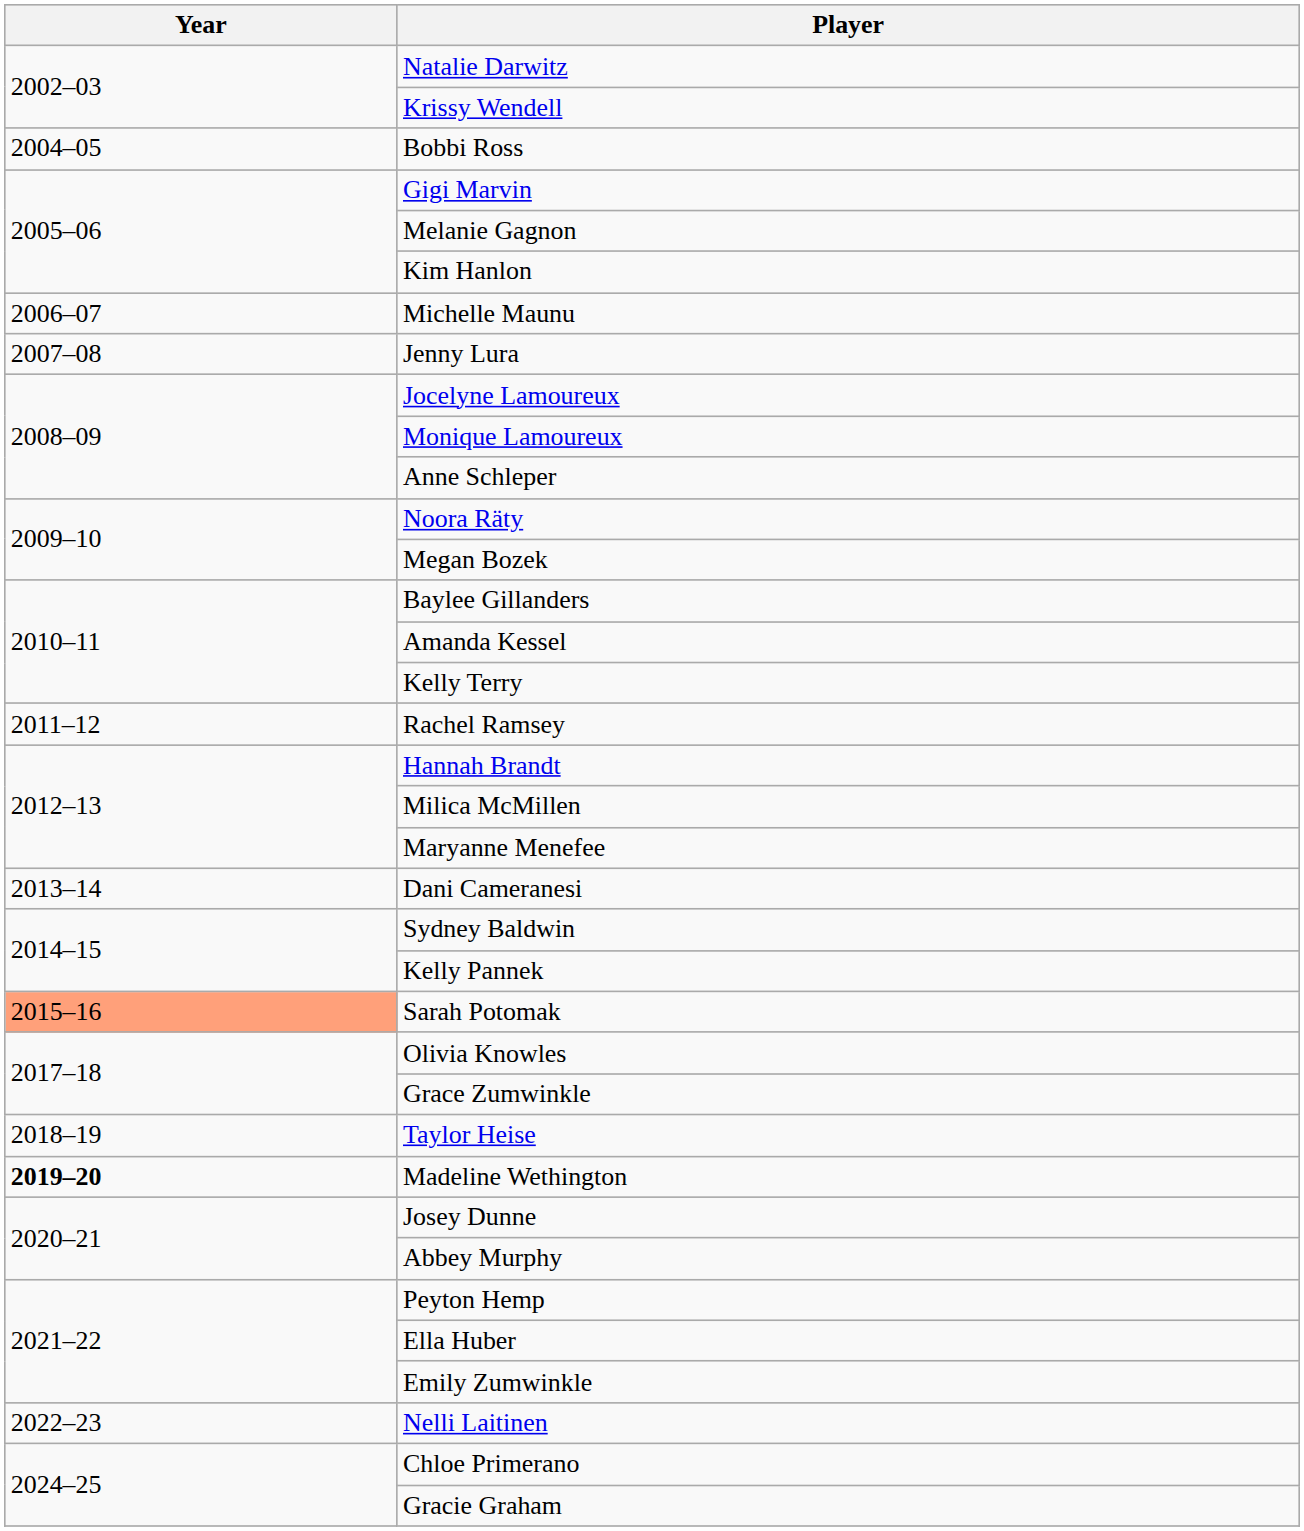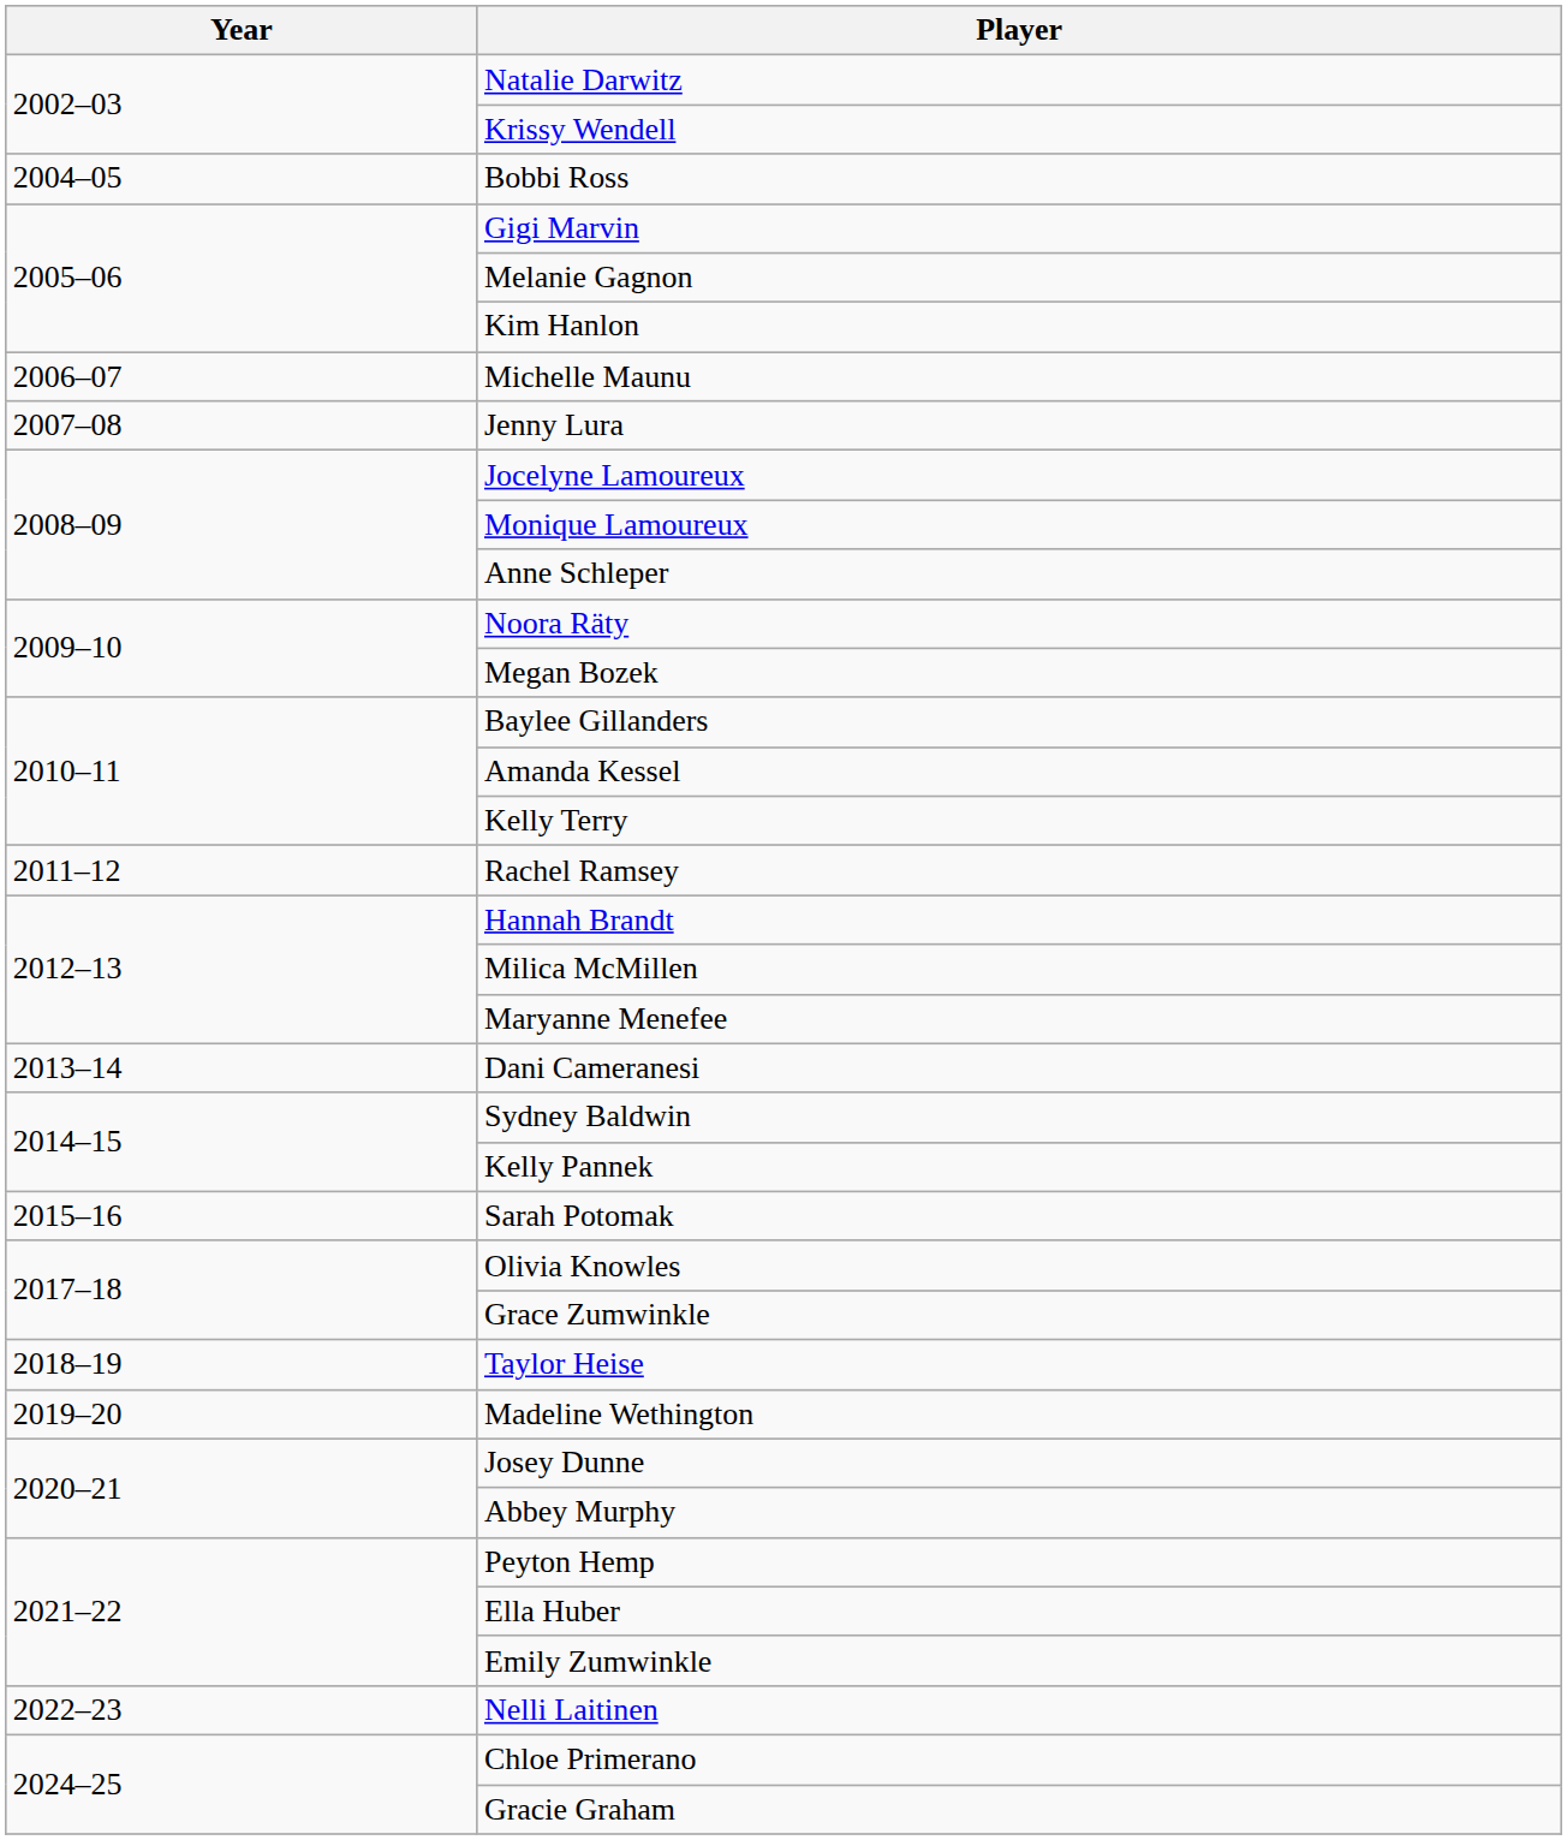 <table class="wikitable" style="width: 50em">
 <tr>
 <th>Year</th>
 <th>Player</th>
 </tr>
 <tr>
 <td rowspan="2">2002–03</td>
 <td><a href='#'>Natalie Darwitz</a></td>
 </tr>
 <tr>
 <td><a href='#'>Krissy Wendell</a></td>
 </tr>
 <tr>
 <td>2004–05</td>
 <td>Bobbi Ross</td>
 </tr>
 <tr>
 <td rowspan="3">2005–06</td>
 <td><a href='#'>Gigi Marvin</a></td>
 </tr>
 <tr>
 <td>Melanie Gagnon</td>
 </tr>
 <tr>
 <td>Kim Hanlon</td>
 </tr>
 <tr>
 <td>2006–07</td>
 <td>Michelle Maunu</td>
 </tr>
 <tr>
 <td>2007–08</td>
 <td>Jenny Lura</td>
 </tr>
 <tr>
 <td rowspan="3">2008–09</td>
 <td><a href='#'>Jocelyne Lamoureux</a></td>
 </tr>
 <tr>
 <td><a href='#'>Monique Lamoureux</a></td>
 </tr>
 <tr>
 <td>Anne Schleper</td>
 </tr>
 <tr>
 <td rowspan="2">2009–10</td>
 <td><a href='#'>Noora Räty</a></td>
 </tr>
 <tr>
 <td>Megan Bozek</td>
 </tr>
 <tr>
 <td rowspan="3">2010–11</td>
 <td>Baylee Gillanders</td>
 </tr>
 <tr>
 <td>Amanda Kessel</td>
 </tr>
 <tr>
 <td>Kelly Terry</td>
 </tr>
 <tr>
 <td>2011–12</td>
 <td>Rachel Ramsey</td>
 </tr>
 <tr>
 <td rowspan="3">2012–13</td>
 <td><a href='#'>Hannah Brandt</a></td>
 </tr>
 <tr>
 <td>Milica McMillen</td>
 </tr>
 <tr>
 <td>Maryanne Menefee</td>
 </tr>
 <tr>
 <td>2013–14</td>
 <td>Dani Cameranesi</td>
 </tr>
 <tr>
 <td rowspan="2">2014–15</td>
 <td>Sydney Baldwin</td>
 </tr>
 <tr>
 <td>Kelly Pannek</td>
 </tr>
 <tr>
-<td style="background: lightsalmon;">2015–16</td>
+<td>2015–16</td>
 <td>Sarah Potomak</td>
 </tr>
 <tr>
 <td rowspan="2">2017–18</td>
 <td>Olivia Knowles</td>
 </tr>
 <tr>
 <td>Grace Zumwinkle</td>
 </tr>
 <tr>
 <td>2018–19</td>
 <td><a href='#'>Taylor Heise</a></td>
 </tr>
 <tr>
-<td><strong>2019–20</strong></td>
+<td>2019–20</td>
 <td>Madeline Wethington</td>
 </tr>
 <tr>
 <td rowspan="2">2020–21</td>
 <td>Josey Dunne</td>
 </tr>
 <tr>
 <td>Abbey Murphy</td>
 </tr>
 <tr>
 <td rowspan="3">2021–22</td>
 <td>Peyton Hemp</td>
 </tr>
 <tr>
 <td>Ella Huber</td>
 </tr>
 <tr>
 <td>Emily Zumwinkle</td>
 </tr>
 <tr>
 <td>2022–23</td>
 <td><a href='#'>Nelli Laitinen</a></td>
 </tr>
 <tr>
 <td rowspan="2">2024–25</td>
 <td>Chloe Primerano</td>
 </tr>
 <tr>
 <td>Gracie Graham</td>
 </tr>
 </table>
